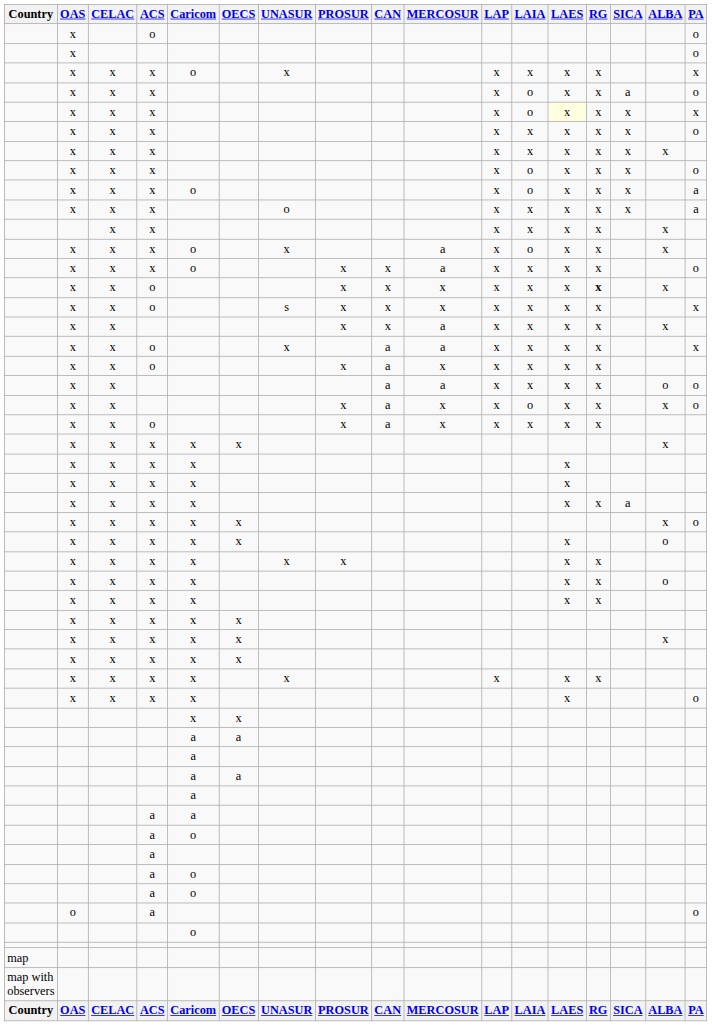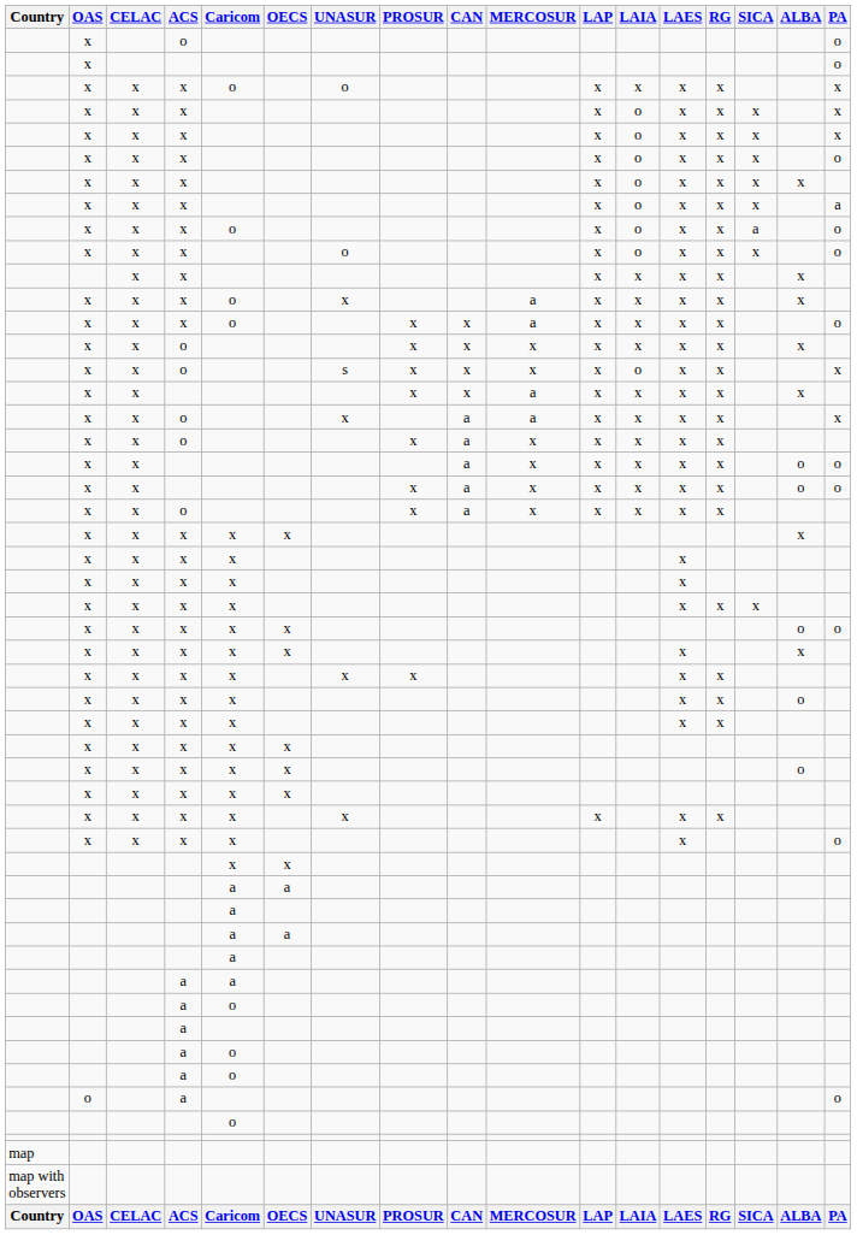 <table class="sortable wikitable" style="font-size:100%;">
 <tr>
 <th>Country</th>
 <th><a href='#'>OAS</a></th>
 <th><a href='#'>CELAC</a></th>
 <th><a href='#'>ACS</a></th>
 <th><a href='#'>Caricom</a></th>
 <th><a href='#'>OECS</a></th>
 <th><a href='#'>UNASUR</a></th>
 <th><a href='#'>PROSUR</a></th>
 <th><a href='#'>CAN</a></th>
 <th><a href='#'>MERCOSUR</a></th>
 <th><a href='#'>LAP</a></th>
 <th><a href='#'>LAIA</a></th>
 <th><a href='#'>LAES</a></th>
 <th><a href='#'>RG</a></th>
 <th><a href='#'>SICA</a></th>
 <th><a href='#'>ALBA</a></th>
 <th><a href='#'>PA</a></th>
 </tr>
 <tr align="center">
 <td></td>
 <td>x</td>
 <td></td>
 <td>o</td>
 <td></td>
 <td></td>
 <td></td>
 <td></td>
 <td></td>
 <td></td>
 <td></td>
 <td></td>
 <td></td>
 <td></td>
 <td></td>
 <td></td>
 <td>o</td>
 </tr>
 <tr align="center">
 <td></td>
 <td>x</td>
 <td></td>
 <td></td>
 <td></td>
 <td></td>
 <td></td>
 <td></td>
 <td></td>
 <td></td>
 <td></td>
 <td></td>
 <td></td>
 <td></td>
 <td></td>
 <td></td>
 <td>o</td>
 </tr>
 <tr align="center">
 <td></td>
 <td>x</td>
 <td>x</td>
 <td>x</td>
 <td>o</td>
 <td></td>
-<td>x</td>
+<td>o</td>
 <td></td>
 <td></td>
 <td></td>
 <td>x</td>
 <td>x</td>
 <td>x</td>
 <td>x</td>
 <td></td>
 <td></td>
 <td>x</td>
 </tr>
 <tr align="center">
 <td></td>
 <td>x</td>
 <td>x</td>
 <td>x</td>
 <td></td>
 <td></td>
 <td></td>
 <td></td>
 <td></td>
 <td></td>
 <td>x</td>
 <td>o</td>
 <td>x</td>
 <td>x</td>
-<td>a</td>
-<td></td>
-<td>o</td>
-</tr>
-<tr align="center">
-<td></td>
-<td>x</td>
-<td>x</td>
-<td>x</td>
-<td></td>
-<td></td>
-<td></td>
-<td></td>
-<td></td>
-<td></td>
-<td>x</td>
-<td>o</td>
-<td style="background: lightyellow;">x</td>
-<td>x</td>
 <td>x</td>
 <td></td>
 <td>x</td>
 </tr>
 <tr align="center">
 <td></td>
 <td>x</td>
 <td>x</td>
 <td>x</td>
 <td></td>
 <td></td>
 <td></td>
 <td></td>
 <td></td>
 <td></td>
 <td>x</td>
-<td>x</td>
+<td>o</td>
 <td>x</td>
 <td>x</td>
 <td>x</td>
 <td></td>
-<td>o</td>
-</tr>
-<tr align="center">
-<td></td>
 <td>x</td>
-<td>x</td>
-<td>x</td>
-<td></td>
-<td></td>
-<td></td>
-<td></td>
-<td></td>
-<td></td>
-<td>x</td>
-<td>x</td>
-<td>x</td>
-<td>x</td>
-<td>x</td>
-<td>x</td>
-<td></td>
 </tr>
 <tr align="center">
 <td></td>
 <td>x</td>
 <td>x</td>
 <td>x</td>
 <td></td>
 <td></td>
 <td></td>
 <td></td>
 <td></td>
 <td></td>
 <td>x</td>
 <td>o</td>
 <td>x</td>
 <td>x</td>
 <td>x</td>
 <td></td>
 <td>o</td>
 </tr>
 <tr align="center">
 <td></td>
 <td>x</td>
 <td>x</td>
 <td>x</td>
+<td></td>
+<td></td>
+<td></td>
+<td></td>
+<td></td>
+<td></td>
+<td>x</td>
 <td>o</td>
+<td>x</td>
+<td>x</td>
+<td>x</td>
+<td>x</td>
+<td></td>
+</tr>
+<tr align="center">
+<td></td>
+<td>x</td>
+<td>x</td>
+<td>x</td>
+<td></td>
 <td></td>
 <td></td>
 <td></td>
 <td></td>
 <td></td>
 <td>x</td>
 <td>o</td>
 <td>x</td>
 <td>x</td>
 <td>x</td>
 <td></td>
 <td>a</td>
 </tr>
 <tr align="center">
 <td></td>
 <td>x</td>
 <td>x</td>
 <td>x</td>
+<td>o</td>
+<td></td>
+<td></td>
+<td></td>
+<td></td>
+<td></td>
+<td>x</td>
+<td>o</td>
+<td>x</td>
+<td>x</td>
+<td>a</td>
+<td></td>
+<td>o</td>
+</tr>
+<tr align="center">
+<td></td>
+<td>x</td>
+<td>x</td>
+<td>x</td>
 <td></td>
 <td></td>
 <td>o</td>
 <td></td>
 <td></td>
 <td></td>
 <td>x</td>
-<td>x</td>
+<td>o</td>
 <td>x</td>
 <td>x</td>
 <td>x</td>
 <td></td>
-<td>a</td>
+<td>o</td>
 </tr>
 <tr align="center">
 <td></td>
 <td></td>
 <td>x</td>
 <td>x</td>
 <td></td>
 <td></td>
 <td></td>
 <td></td>
 <td></td>
 <td></td>
 <td>x</td>
 <td>x</td>
 <td>x</td>
 <td>x</td>
 <td></td>
 <td>x</td>
 <td></td>
 </tr>
 <tr align="center">
 <td></td>
 <td>x</td>
 <td>x</td>
 <td>x</td>
 <td>o</td>
 <td></td>
 <td>x</td>
 <td></td>
 <td></td>
 <td>a</td>
 <td>x</td>
-<td>o</td>
+<td>x</td>
 <td>x</td>
 <td>x</td>
 <td></td>
 <td>x</td>
 <td></td>
 </tr>
 <tr align="center">
 <td></td>
 <td>x</td>
 <td>x</td>
 <td>x</td>
 <td>o</td>
 <td></td>
 <td></td>
 <td>x</td>
 <td>x</td>
 <td>a</td>
 <td>x</td>
 <td>x</td>
 <td>x</td>
 <td>x</td>
 <td></td>
 <td></td>
 <td>o</td>
 </tr>
 <tr align="center">
 <td></td>
 <td>x</td>
 <td>x</td>
 <td>o</td>
 <td></td>
 <td></td>
 <td></td>
 <td>x</td>
 <td>x</td>
 <td>x</td>
 <td>x</td>
 <td>x</td>
 <td>x</td>
-<td><strong>x</strong></td>
+<td>x</td>
 <td></td>
 <td>x</td>
 <td></td>
 </tr>
 <tr align="center">
 <td></td>
 <td>x</td>
 <td>x</td>
 <td>o</td>
 <td></td>
 <td></td>
 <td>s</td>
 <td>x</td>
 <td>x</td>
 <td>x</td>
 <td>x</td>
-<td>x</td>
+<td>o</td>
 <td>x</td>
 <td>x</td>
 <td></td>
 <td></td>
 <td>x</td>
 </tr>
 <tr align="center">
 <td></td>
 <td>x</td>
 <td>x</td>
 <td></td>
 <td></td>
 <td></td>
 <td></td>
 <td>x</td>
 <td>x</td>
 <td>a</td>
 <td>x</td>
 <td>x</td>
 <td>x</td>
 <td>x</td>
 <td></td>
 <td>x</td>
 <td></td>
 </tr>
 <tr align="center">
 <td></td>
 <td>x</td>
 <td>x</td>
 <td>o</td>
 <td></td>
 <td></td>
 <td>x</td>
 <td></td>
 <td>a</td>
 <td>a</td>
 <td>x</td>
 <td>x</td>
 <td>x</td>
 <td>x</td>
 <td></td>
 <td></td>
 <td>x</td>
 </tr>
 <tr align="center">
 <td></td>
 <td>x</td>
 <td>x</td>
 <td>o</td>
 <td></td>
 <td></td>
 <td></td>
 <td>x</td>
 <td>a</td>
 <td>x</td>
 <td>x</td>
 <td>x</td>
 <td>x</td>
 <td>x</td>
 <td></td>
 <td></td>
 <td></td>
 </tr>
 <tr align="center">
 <td></td>
 <td>x</td>
 <td>x</td>
 <td></td>
 <td></td>
 <td></td>
 <td></td>
 <td></td>
 <td>a</td>
-<td>a</td>
+<td>x</td>
 <td>x</td>
 <td>x</td>
 <td>x</td>
 <td>x</td>
 <td></td>
 <td>o</td>
 <td>o</td>
 </tr>
 <tr align="center">
 <td></td>
 <td>x</td>
 <td>x</td>
 <td></td>
 <td></td>
 <td></td>
 <td></td>
 <td>x</td>
 <td>a</td>
 <td>x</td>
 <td>x</td>
-<td>o</td>
+<td>x</td>
 <td>x</td>
 <td>x</td>
 <td></td>
-<td>x</td>
+<td>o</td>
 <td>o</td>
 </tr>
 <tr align="center">
 <td></td>
 <td>x</td>
 <td>x</td>
 <td>o</td>
 <td></td>
 <td></td>
 <td></td>
 <td>x</td>
 <td>a</td>
 <td>x</td>
 <td>x</td>
 <td>x</td>
 <td>x</td>
 <td>x</td>
 <td></td>
 <td></td>
 <td></td>
 </tr>
 <tr align="center">
 <td></td>
 <td>x</td>
 <td>x</td>
 <td>x</td>
 <td>x</td>
 <td>x</td>
 <td></td>
 <td></td>
 <td></td>
 <td></td>
 <td></td>
 <td></td>
 <td></td>
 <td></td>
 <td></td>
 <td>x</td>
 <td></td>
 </tr>
 <tr align="center">
 <td></td>
 <td>x</td>
 <td>x</td>
 <td>x</td>
 <td>x</td>
 <td></td>
 <td></td>
 <td></td>
 <td></td>
 <td></td>
 <td></td>
 <td></td>
 <td>x</td>
 <td></td>
 <td></td>
 <td></td>
 <td></td>
 </tr>
 <tr align="center">
 <td></td>
 <td>x</td>
 <td>x</td>
 <td>x</td>
 <td>x</td>
 <td></td>
 <td></td>
 <td></td>
 <td></td>
 <td></td>
 <td></td>
 <td></td>
 <td>x</td>
 <td></td>
 <td></td>
 <td></td>
 <td></td>
 </tr>
 <tr align="center">
 <td></td>
 <td>x</td>
 <td>x</td>
 <td>x</td>
 <td>x</td>
 <td></td>
 <td></td>
 <td></td>
 <td></td>
 <td></td>
 <td></td>
 <td></td>
 <td>x</td>
 <td>x</td>
-<td>a</td>
+<td>x</td>
 <td></td>
 <td></td>
 </tr>
 <tr align="center">
 <td></td>
 <td>x</td>
 <td>x</td>
 <td>x</td>
 <td>x</td>
 <td>x</td>
 <td></td>
 <td></td>
 <td></td>
 <td></td>
 <td></td>
 <td></td>
 <td></td>
 <td></td>
 <td></td>
-<td>x</td>
+<td>o</td>
 <td>o</td>
 </tr>
 <tr align="center">
 <td></td>
 <td>x</td>
 <td>x</td>
 <td>x</td>
 <td>x</td>
 <td>x</td>
 <td></td>
 <td></td>
 <td></td>
 <td></td>
 <td></td>
 <td></td>
 <td>x</td>
 <td></td>
 <td></td>
-<td>o</td>
+<td>x</td>
 <td></td>
 </tr>
 <tr align="center">
 <td></td>
 <td>x</td>
 <td>x</td>
 <td>x</td>
 <td>x</td>
 <td></td>
 <td>x</td>
 <td>x</td>
 <td></td>
 <td></td>
 <td></td>
 <td></td>
 <td>x</td>
 <td>x</td>
 <td></td>
 <td></td>
 <td></td>
 </tr>
 <tr align="center">
 <td></td>
 <td>x</td>
 <td>x</td>
 <td>x</td>
 <td>x</td>
 <td></td>
 <td></td>
 <td></td>
 <td></td>
 <td></td>
 <td></td>
 <td></td>
 <td>x</td>
 <td>x</td>
 <td></td>
 <td>o</td>
 <td></td>
 </tr>
 <tr align="center">
 <td></td>
 <td>x</td>
 <td>x</td>
 <td>x</td>
 <td>x</td>
 <td></td>
 <td></td>
 <td></td>
 <td></td>
 <td></td>
 <td></td>
 <td></td>
 <td>x</td>
 <td>x</td>
 <td></td>
 <td></td>
 <td></td>
 </tr>
 <tr align="center">
 <td></td>
 <td>x</td>
 <td>x</td>
 <td>x</td>
 <td>x</td>
 <td>x</td>
 <td></td>
 <td></td>
 <td></td>
 <td></td>
 <td></td>
 <td></td>
 <td></td>
 <td></td>
 <td></td>
 <td></td>
 <td></td>
 </tr>
 <tr align="center">
 <td></td>
 <td>x</td>
 <td>x</td>
 <td>x</td>
 <td>x</td>
 <td>x</td>
 <td></td>
 <td></td>
 <td></td>
 <td></td>
 <td></td>
 <td></td>
 <td></td>
 <td></td>
 <td></td>
-<td>x</td>
+<td>o</td>
 <td></td>
 </tr>
 <tr align="center">
 <td></td>
 <td>x</td>
 <td>x</td>
 <td>x</td>
 <td>x</td>
 <td>x</td>
 <td></td>
 <td></td>
 <td></td>
 <td></td>
 <td></td>
 <td></td>
 <td></td>
 <td></td>
 <td></td>
 <td></td>
 <td></td>
 </tr>
 <tr align="center">
 <td></td>
 <td>x</td>
 <td>x</td>
 <td>x</td>
 <td>x</td>
 <td></td>
 <td>x</td>
 <td></td>
 <td></td>
 <td></td>
 <td>x</td>
 <td></td>
 <td>x</td>
 <td>x</td>
 <td></td>
 <td></td>
 <td></td>
 </tr>
 <tr align="center">
 <td></td>
 <td>x</td>
 <td>x</td>
 <td>x</td>
 <td>x</td>
 <td></td>
 <td></td>
 <td></td>
 <td></td>
 <td></td>
 <td></td>
 <td></td>
 <td>x</td>
 <td></td>
 <td></td>
 <td></td>
 <td>o</td>
 </tr>
 <tr align="center">
 <td></td>
 <td></td>
 <td></td>
 <td></td>
 <td>x</td>
 <td>x</td>
 <td></td>
 <td></td>
 <td></td>
 <td></td>
 <td></td>
 <td></td>
 <td></td>
 <td></td>
 <td></td>
 <td></td>
 <td></td>
 </tr>
 <tr align="center">
 <td></td>
 <td></td>
 <td></td>
 <td></td>
 <td>a</td>
 <td>a</td>
 <td></td>
 <td></td>
 <td></td>
 <td></td>
 <td></td>
 <td></td>
 <td></td>
 <td></td>
 <td></td>
 <td></td>
 <td></td>
 </tr>
 <tr align="center">
 <td></td>
 <td></td>
 <td></td>
 <td></td>
 <td>a</td>
 <td></td>
 <td></td>
 <td></td>
 <td></td>
 <td></td>
 <td></td>
 <td></td>
 <td></td>
 <td></td>
 <td></td>
 <td></td>
 <td></td>
 </tr>
 <tr align="center">
 <td></td>
 <td></td>
 <td></td>
 <td></td>
 <td>a</td>
 <td>a</td>
 <td></td>
 <td></td>
 <td></td>
 <td></td>
 <td></td>
 <td></td>
 <td></td>
 <td></td>
 <td></td>
 <td></td>
 <td></td>
 </tr>
 <tr align="center">
 <td></td>
 <td></td>
 <td></td>
 <td></td>
 <td>a</td>
 <td></td>
 <td></td>
 <td></td>
 <td></td>
 <td></td>
 <td></td>
 <td></td>
 <td></td>
 <td></td>
 <td></td>
 <td></td>
 <td></td>
 </tr>
 <tr align="center">
 <td></td>
 <td></td>
 <td></td>
 <td>a</td>
 <td>a</td>
 <td></td>
 <td></td>
 <td></td>
 <td></td>
 <td></td>
 <td></td>
 <td></td>
 <td></td>
 <td></td>
 <td></td>
 <td></td>
 <td></td>
 </tr>
 <tr align="center">
 <td></td>
 <td></td>
 <td></td>
 <td>a</td>
 <td>o</td>
 <td></td>
 <td></td>
 <td></td>
 <td></td>
 <td></td>
 <td></td>
 <td></td>
 <td></td>
 <td></td>
 <td></td>
 <td></td>
 <td></td>
 </tr>
 <tr align="center">
 <td></td>
 <td></td>
 <td></td>
 <td>a</td>
 <td></td>
 <td></td>
 <td></td>
 <td></td>
 <td></td>
 <td></td>
 <td></td>
 <td></td>
 <td></td>
 <td></td>
 <td></td>
 <td></td>
 <td></td>
 </tr>
 <tr align="center">
 <td></td>
 <td></td>
 <td></td>
 <td>a</td>
 <td>o</td>
 <td></td>
 <td></td>
 <td></td>
 <td></td>
 <td></td>
 <td></td>
 <td></td>
 <td></td>
 <td></td>
 <td></td>
 <td></td>
 <td></td>
 </tr>
 <tr align="center">
 <td></td>
 <td></td>
 <td></td>
 <td>a</td>
 <td>o</td>
 <td></td>
 <td></td>
 <td></td>
 <td></td>
 <td></td>
 <td></td>
 <td></td>
 <td></td>
 <td></td>
 <td></td>
 <td></td>
 <td></td>
 </tr>
 <tr align="center">
 <td></td>
 <td>o</td>
 <td></td>
 <td>a</td>
 <td></td>
 <td></td>
 <td></td>
 <td></td>
 <td></td>
 <td></td>
 <td></td>
 <td></td>
 <td></td>
 <td></td>
 <td></td>
 <td></td>
 <td>o</td>
 </tr>
 <tr align="center">
 <td></td>
 <td></td>
 <td></td>
 <td></td>
 <td>o</td>
 <td></td>
 <td></td>
 <td></td>
 <td></td>
 <td></td>
 <td></td>
 <td></td>
 <td></td>
 <td></td>
 <td></td>
 <td></td>
 <td></td>
 </tr>
 <tr align="center">
 <td></td>
 <td></td>
 <td></td>
 <td></td>
 <td></td>
 <td></td>
 <td></td>
 <td></td>
 <td></td>
 <td></td>
 <td></td>
 <td></td>
 <td></td>
 <td></td>
 <td></td>
 <td></td>
 <td></td>
 </tr>
 <tr>
 <td>map</td>
 <td></td>
 <td></td>
 <td></td>
 <td></td>
 <td></td>
 <td></td>
 <td></td>
 <td></td>
 <td></td>
 <td></td>
 <td></td>
 <td></td>
 <td></td>
 <td></td>
 <td></td>
 <td></td>
 </tr>
 <tr>
 <td>map with observers</td>
 <td></td>
 <td></td>
 <td></td>
 <td></td>
 <td></td>
 <td></td>
 <td></td>
 <td></td>
 <td></td>
 <td></td>
 <td></td>
 <td></td>
 <td></td>
 <td></td>
 <td></td>
 <td></td>
 </tr>
 <tr>
 <th>Country</th>
 <th><a href='#'>OAS</a></th>
 <th><a href='#'>CELAC</a></th>
 <th><a href='#'>ACS</a></th>
 <th><a href='#'>Caricom</a></th>
 <th><a href='#'>OECS</a></th>
 <th><a href='#'>UNASUR</a></th>
 <th><a href='#'>PROSUR</a></th>
 <th><a href='#'>CAN</a></th>
 <th><a href='#'>MERCOSUR</a></th>
 <th><a href='#'>LAP</a></th>
 <th><a href='#'>LAIA</a></th>
 <th><a href='#'>LAES</a></th>
 <th><a href='#'>RG</a></th>
 <th><a href='#'>SICA</a></th>
 <th><a href='#'>ALBA</a></th>
 <th><a href='#'>PA</a></th>
 </tr>
 </table>
